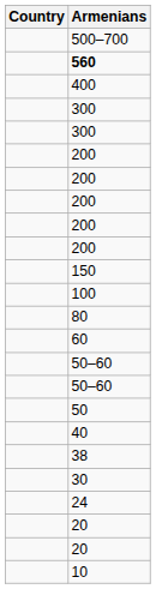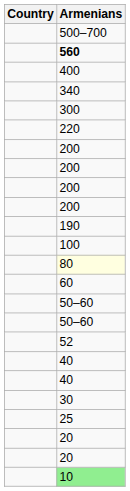 <table class="wikitable">
 <tr>
 <th>Country</th>
 <th>Armenians</th>
 </tr>
 <tr>
 <td></td>
 <td>500–700</td>
 </tr>
 <tr>
 <td></td>
 <td><strong>560</strong></td>
 </tr>
 <tr>
 <td></td>
 <td>400</td>
 </tr>
 <tr>
 <td></td>
+<td>340</td>
+</tr>
+<tr>
+<td></td>
 <td>300</td>
 </tr>
 <tr>
 <td></td>
-<td>300</td>
+<td>220</td>
 </tr>
 <tr>
 <td></td>
 <td>200</td>
 </tr>
 <tr>
 <td></td>
 <td>200</td>
 </tr>
 <tr>
 <td></td>
 <td>200</td>
 </tr>
 <tr>
 <td></td>
 <td>200</td>
 </tr>
 <tr>
 <td></td>
-<td>200</td>
-</tr>
-<tr>
-<td></td>
-<td>150</td>
+<td>190</td>
 </tr>
 <tr>
 <td></td>
 <td>100</td>
 </tr>
 <tr>
 <td></td>
-<td>80</td>
+<td style="background: lightyellow;">80</td>
 </tr>
 <tr>
 <td></td>
 <td>60</td>
 </tr>
 <tr>
 <td></td>
 <td>50–60</td>
 </tr>
 <tr>
 <td></td>
 <td>50–60</td>
 </tr>
 <tr>
 <td></td>
-<td>50</td>
+<td>52</td>
 </tr>
 <tr>
 <td></td>
 <td>40</td>
 </tr>
 <tr>
 <td></td>
-<td>38</td>
+<td>40</td>
 </tr>
 <tr>
 <td></td>
 <td>30</td>
 </tr>
 <tr>
 <td></td>
-<td>24</td>
+<td>25</td>
 </tr>
 <tr>
 <td></td>
 <td>20</td>
 </tr>
 <tr>
 <td></td>
 <td>20</td>
 </tr>
 <tr>
 <td></td>
-<td>10</td>
+<td style="background: lightgreen;">10</td>
 </tr>
 </table>
